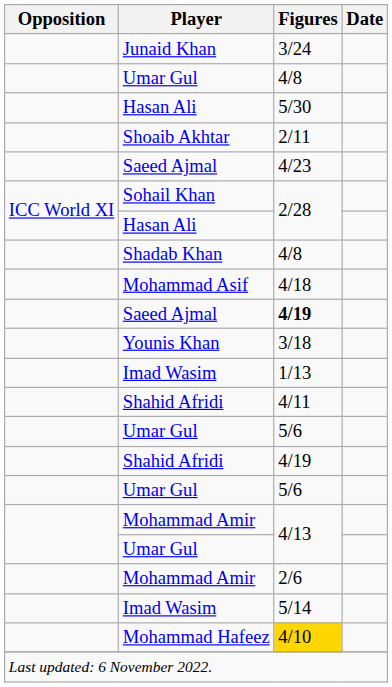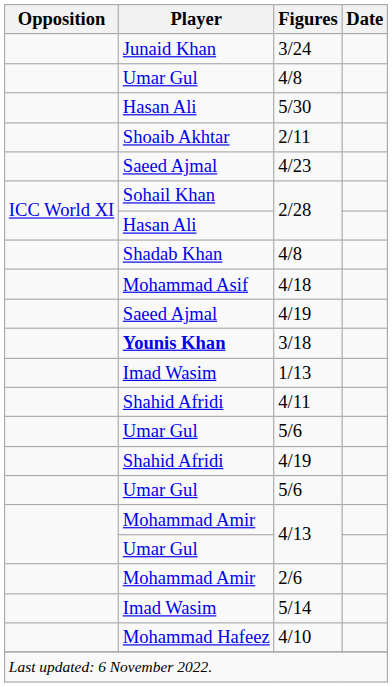 <table class="wikitable sortable">
 <tr>
 <th>Opposition</th>
 <th>Player</th>
 <th>Figures</th>
 <th>Date</th>
 </tr>
 <tr>
 <td></td>
 <td><a href='#'>Junaid Khan</a></td>
 <td>3/24</td>
 <td></td>
 </tr>
 <tr>
 <td></td>
 <td><a href='#'>Umar Gul</a></td>
 <td>4/8</td>
 <td></td>
 </tr>
 <tr>
 <td></td>
 <td><a href='#'>Hasan Ali</a></td>
 <td>5/30</td>
 <td></td>
 </tr>
 <tr>
 <td></td>
 <td><a href='#'>Shoaib Akhtar</a></td>
 <td>2/11</td>
 <td></td>
 </tr>
 <tr>
 <td></td>
 <td><a href='#'>Saeed Ajmal</a></td>
 <td>4/23</td>
 <td></td>
 </tr>
 <tr>
 <td rowspan=2><a href='#'>ICC World XI</a></td>
 <td><a href='#'>Sohail Khan</a></td>
 <td rowspan=2>2/28</td>
 <td></td>
 </tr>
 <tr>
 <td><a href='#'>Hasan Ali</a></td>
 <td></td>
 </tr>
 <tr>
 <td></td>
 <td><a href='#'>Shadab Khan</a></td>
 <td>4/8</td>
 <td></td>
 </tr>
 <tr>
 <td></td>
 <td><a href='#'>Mohammad Asif</a></td>
 <td>4/18</td>
 <td> </td>
 </tr>
 <tr>
 <td></td>
 <td><a href='#'>Saeed Ajmal</a></td>
-<td><strong>4/19</strong></td>
+<td>4/19</td>
 <td> </td>
 </tr>
 <tr>
 <td></td>
-<td><a href='#'>Younis Khan</a></td>
+<td><strong><a href='#'>Younis Khan</a></strong></td>
 <td>3/18</td>
 <td> </td>
 </tr>
 <tr>
 <td></td>
 <td><a href='#'>Imad Wasim</a></td>
 <td>1/13</td>
 <td> </td>
 </tr>
 <tr>
 <td></td>
 <td><a href='#'>Shahid Afridi</a></td>
 <td>4/11</td>
 <td> </td>
 </tr>
 <tr>
 <td></td>
 <td><a href='#'>Umar Gul</a></td>
 <td>5/6</td>
 <td> </td>
 </tr>
 <tr>
 <td></td>
 <td><a href='#'>Shahid Afridi</a></td>
 <td>4/19</td>
 <td> </td>
 </tr>
 <tr>
 <td></td>
 <td><a href='#'>Umar Gul</a></td>
 <td>5/6</td>
 <td></td>
 </tr>
 <tr>
 <td rowspan=2></td>
 <td><a href='#'>Mohammad Amir</a></td>
 <td rowspan=2>4/13</td>
 <td></td>
 </tr>
 <tr>
 <td><a href='#'>Umar Gul</a></td>
 <td></td>
 </tr>
 <tr>
 <td></td>
 <td><a href='#'>Mohammad Amir</a></td>
 <td>2/6</td>
 <td></td>
 </tr>
 <tr>
 <td></td>
 <td><a href='#'>Imad Wasim</a></td>
 <td>5/14</td>
 <td></td>
 </tr>
 <tr>
 <td></td>
 <td><a href='#'>Mohammad Hafeez</a></td>
-<td style="background: gold;">4/10</td>
+<td>4/10</td>
 <td></td>
 </tr>
 <tr>
 </tr>
 <tr class=sortbottom>
 <td colspan=5><small><em>Last updated: 6 November 2022</em>.</small></td>
 </tr>
 </table>
